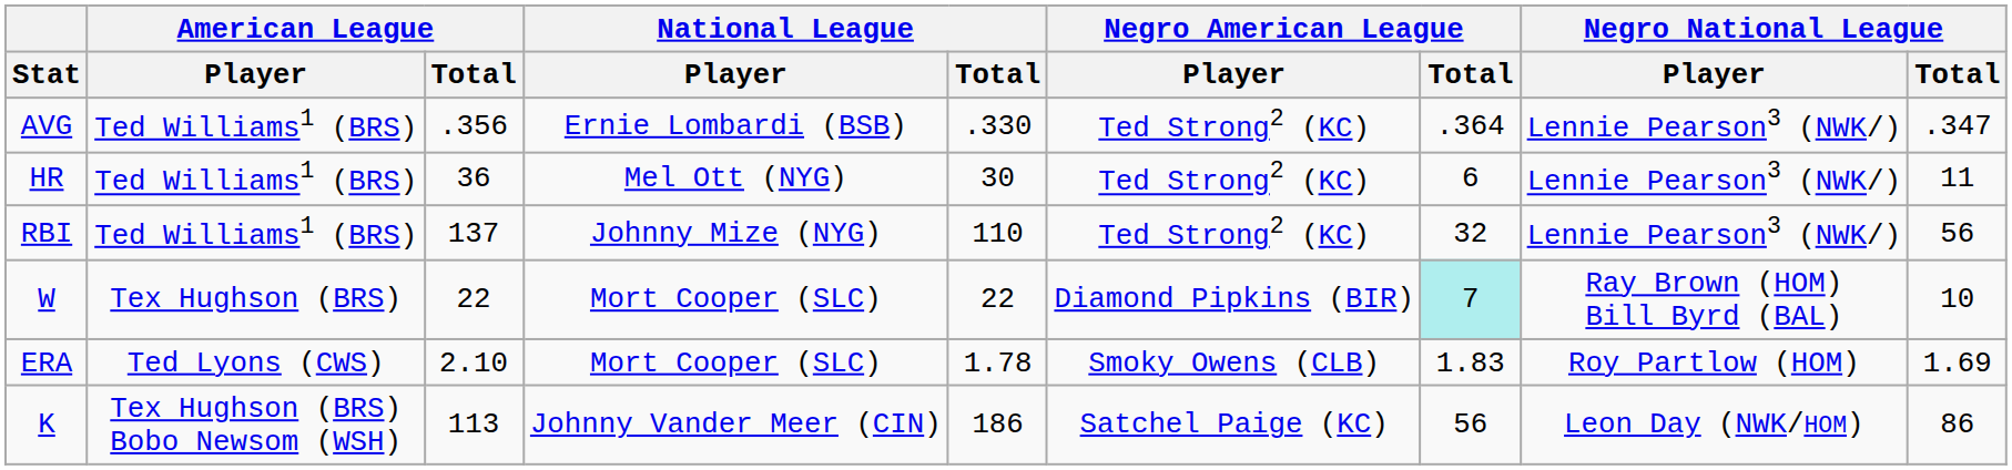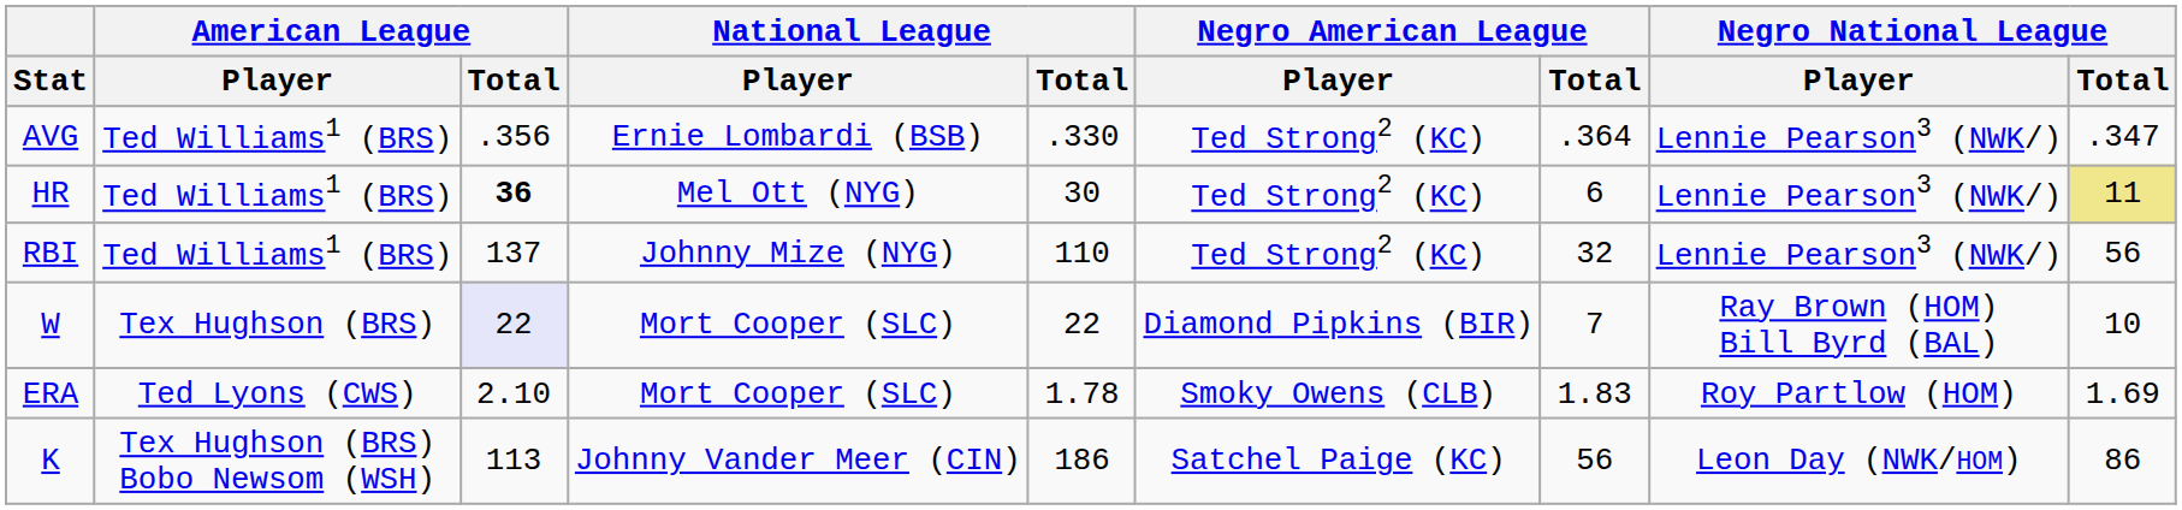 <table class="wikitable" style="text-align:center;">
 <tr>
 <th></th>
 <th colspan="2"><a href='#'>American League</a></th>
 <th colspan="2"><a href='#'>National League</a></th>
 <th colspan="2"><a href='#'>Negro American League</a></th>
 <th colspan="2"><a href='#'>Negro National League</a></th>
 </tr>
 <tr>
 <th>Stat</th>
 <th>Player</th>
 <th>Total</th>
 <th>Player</th>
 <th>Total</th>
 <th>Player</th>
 <th>Total</th>
 <th>Player</th>
 <th>Total</th>
 </tr>
 <tr>
 <td><a href='#'>AVG</a></td>
 <td><a href='#'>Ted Williams</a><sup>1</sup> (<a href='#'>BRS</a>)</td>
 <td>.356</td>
 <td><a href='#'>Ernie Lombardi</a> (<a href='#'>BSB</a>)</td>
 <td>.330</td>
 <td><a href='#'>Ted Strong</a><sup>2</sup> (<a href='#'>KC</a>)</td>
 <td>.364</td>
 <td><a href='#'>Lennie Pearson</a><sup>3</sup> (<a href='#'>NWK</a>/)</td>
 <td>.347</td>
 </tr>
 <tr>
 <td><a href='#'>HR</a></td>
 <td><a href='#'>Ted Williams</a><sup>1</sup> (<a href='#'>BRS</a>)</td>
-<td>36</td>
+<td><strong>36</strong></td>
 <td><a href='#'>Mel Ott</a> (<a href='#'>NYG</a>)</td>
 <td>30</td>
 <td><a href='#'>Ted Strong</a><sup>2</sup> (<a href='#'>KC</a>)</td>
 <td>6</td>
 <td><a href='#'>Lennie Pearson</a><sup>3</sup> (<a href='#'>NWK</a>/)</td>
-<td>11</td>
+<td style="background: khaki;">11</td>
 </tr>
 <tr>
 <td><a href='#'>RBI</a></td>
 <td><a href='#'>Ted Williams</a><sup>1</sup> (<a href='#'>BRS</a>)</td>
 <td>137</td>
 <td><a href='#'>Johnny Mize</a> (<a href='#'>NYG</a>)</td>
 <td>110</td>
 <td><a href='#'>Ted Strong</a><sup>2</sup> (<a href='#'>KC</a>)</td>
 <td>32</td>
 <td><a href='#'>Lennie Pearson</a><sup>3</sup> (<a href='#'>NWK</a>/)</td>
 <td>56</td>
 </tr>
 <tr>
 <td><a href='#'>W</a></td>
 <td><a href='#'>Tex Hughson</a> (<a href='#'>BRS</a>)</td>
-<td>22</td>
+<td style="background: lavender;">22</td>
 <td><a href='#'>Mort Cooper</a> (<a href='#'>SLC</a>)</td>
 <td>22</td>
 <td><a href='#'>Diamond Pipkins</a> (<a href='#'>BIR</a>)</td>
-<td style="background: paleturquoise;">7</td>
+<td>7</td>
 <td><a href='#'>Ray Brown</a> (<a href='#'>HOM</a>)<br><a href='#'>Bill Byrd</a> (<a href='#'>BAL</a>)</td>
 <td>10</td>
 </tr>
 <tr>
 <td><a href='#'>ERA</a></td>
 <td><a href='#'>Ted Lyons</a> (<a href='#'>CWS</a>)</td>
 <td>2.10</td>
 <td><a href='#'>Mort Cooper</a> (<a href='#'>SLC</a>)</td>
 <td>1.78</td>
 <td><a href='#'>Smoky Owens</a> (<a href='#'>CLB</a>)</td>
 <td>1.83</td>
 <td><a href='#'>Roy Partlow</a> (<a href='#'>HOM</a>)</td>
 <td>1.69</td>
 </tr>
 <tr>
 <td><a href='#'>K</a></td>
 <td><a href='#'>Tex Hughson</a> (<a href='#'>BRS</a>)<br><a href='#'>Bobo Newsom</a> (<a href='#'>WSH</a>)</td>
 <td>113</td>
 <td><a href='#'>Johnny Vander Meer</a> (<a href='#'>CIN</a>)</td>
 <td>186</td>
 <td><a href='#'>Satchel Paige</a> (<a href='#'>KC</a>)</td>
 <td>56</td>
 <td><a href='#'>Leon Day</a> (<a href='#'>NWK</a>/<small><a href='#'>HOM</a></small>)</td>
 <td>86</td>
 </tr>
 </table>
